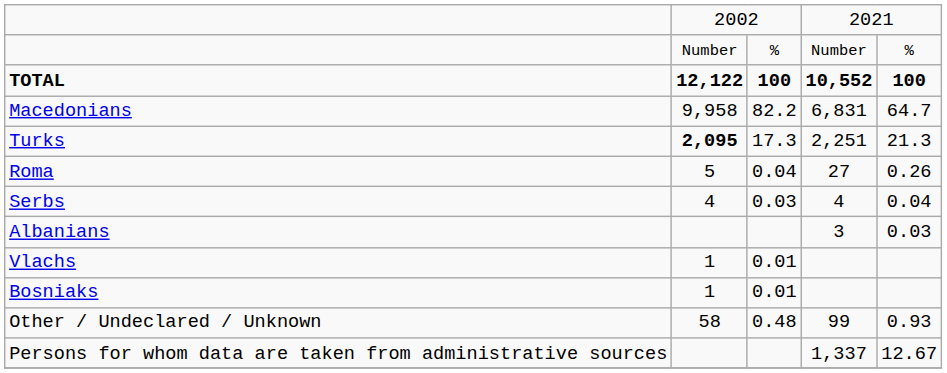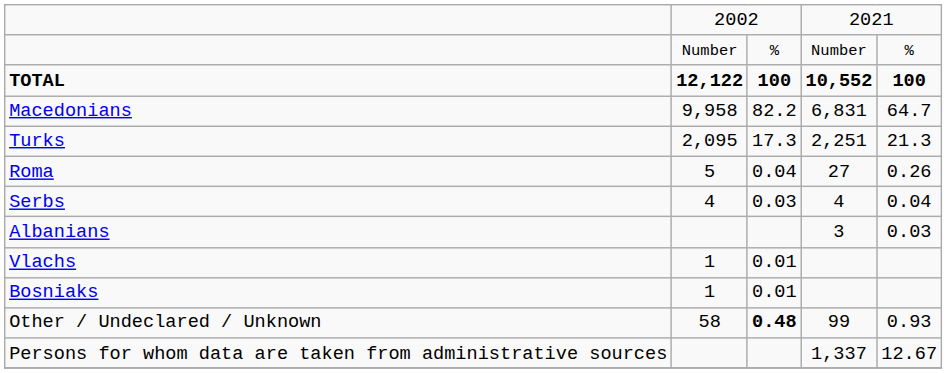 <table class="wikitable">
 <tr>
 <td></td>
 <td colspan="2" align="center">2002</td>
 <td colspan="2" align="center">2021</td>
 </tr>
 <tr>
 <td></td>
 <td align="center"><small>Number</small></td>
 <td align="center"><small>%</small></td>
 <td align="center"><small>Number</small></td>
 <td align="center"><small>%</small></td>
 </tr>
 <tr>
 <td><strong>TOTAL</strong></td>
 <td align="center"><strong>12,122</strong></td>
 <td align="center"><strong>100</strong></td>
 <td align="center"><strong>10,552</strong></td>
 <td align="center"><strong>100</strong></td>
 </tr>
 <tr>
 <td><a href='#'>Macedonians</a></td>
 <td align="center">9,958</td>
 <td align="center">82.2</td>
 <td align="center">6,831</td>
 <td align="center">64.7</td>
 </tr>
 <tr>
 <td><a href='#'>Turks</a></td>
-<td align="center"><strong>2,095</strong></td>
+<td align="center">2,095</td>
 <td align="center">17.3</td>
 <td align="center">2,251</td>
 <td align="center">21.3</td>
 </tr>
 <tr>
 <td><a href='#'>Roma</a></td>
 <td align="center">5</td>
 <td align="center">0.04</td>
 <td align="center">27</td>
 <td align="center">0.26</td>
 </tr>
 <tr>
 <td><a href='#'>Serbs</a></td>
 <td align="center">4</td>
 <td align="center">0.03</td>
 <td align="center">4</td>
 <td align="center">0.04</td>
 </tr>
 <tr>
 <td><a href='#'>Albanians</a></td>
 <td></td>
 <td></td>
 <td align="center">3</td>
 <td align="center">0.03</td>
 </tr>
 <tr>
 <td><a href='#'>Vlachs</a></td>
 <td align="center">1</td>
 <td align="center">0.01</td>
 <td align="center"></td>
 <td align="center"></td>
 </tr>
 <tr>
 <td><a href='#'>Bosniaks</a></td>
 <td align="center">1</td>
 <td align="center">0.01</td>
 <td align="center"></td>
 <td align="center"></td>
 </tr>
 <tr>
 <td>Other / Undeclared / Unknown</td>
 <td align="center">58</td>
-<td align="center">0.48</td>
+<td align="center"><strong>0.48</strong></td>
 <td align="center">99</td>
 <td align="center">0.93</td>
 </tr>
 <tr>
 <td>Persons for whom data are taken from administrative sources</td>
 <td></td>
 <td></td>
 <td align="center">1,337</td>
 <td align="center">12.67</td>
 </tr>
 <tr>
 </tr>
 </table>
